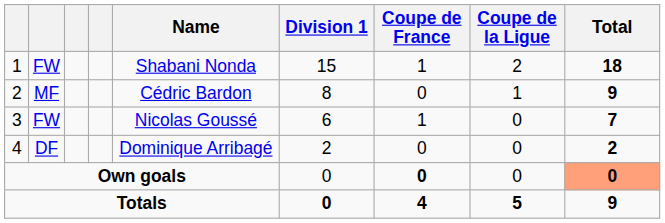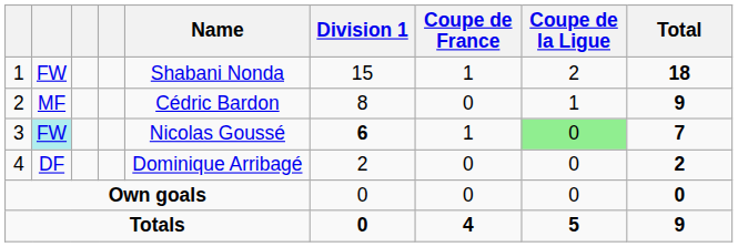 <table class="wikitable" style="text-align:center">
 <tr>
 <th width=15></th>
 <th width=15></th>
 <th width=15></th>
 <th width=15></th>
 <th width=145>Name</th>
 <th width=80><strong><a href='#'>Division 1</a></strong></th>
 <th width=80><strong><a href='#'>Coupe de France</a></strong></th>
 <th width=80><strong><a href='#'>Coupe de la Ligue</a></strong></th>
 <th width=80>Total</th>
 </tr>
 <tr>
 <td rowspan=1>1</td>
 <td align=center><a href='#'>FW</a></td>
 <td align=center></td>
 <td></td>
 <td><a href='#'>Shabani Nonda</a></td>
 <td>15</td>
 <td>1</td>
 <td>2</td>
 <td><strong>18</strong></td>
 </tr>
 <tr>
 <td rowspan=1>2</td>
 <td align=center><a href='#'>MF</a></td>
 <td align=center></td>
 <td></td>
 <td><a href='#'>Cédric Bardon</a></td>
 <td>8</td>
 <td>0</td>
 <td>1</td>
 <td><strong>9</strong></td>
 </tr>
 <tr>
 <td rowspan=1>3</td>
-<td align=center><a href='#'>FW</a></td>
+<td align=center style="background: paleturquoise;"><a href='#'>FW</a></td>
 <td align=center></td>
 <td></td>
 <td><a href='#'>Nicolas Goussé</a></td>
-<td>6</td>
+<td><strong>6</strong></td>
 <td>1</td>
-<td>0</td>
+<td style="background: lightgreen;">0</td>
 <td><strong>7</strong></td>
 </tr>
 <tr>
 <td rowspan=1>4</td>
 <td align=center><a href='#'>DF</a></td>
 <td align=center></td>
 <td></td>
 <td><a href='#'>Dominique Arribagé</a></td>
 <td>2</td>
 <td>0</td>
 <td>0</td>
 <td><strong>2</strong></td>
 </tr>
 <tr>
 <td colspan=5><strong>Own goals</strong></td>
 <td>0</td>
+<td>0</td>
+<td>0</td>
 <td><strong>0</strong></td>
-<td>0</td>
-<td style="background: lightsalmon;"><strong>0</strong></td>
 </tr>
 <tr>
 <td colspan=5><strong>Totals</strong></td>
 <td><strong>0</strong></td>
 <td><strong>4</strong></td>
 <td><strong>5</strong></td>
 <td><strong>9</strong></td>
 </tr>
 </table>
